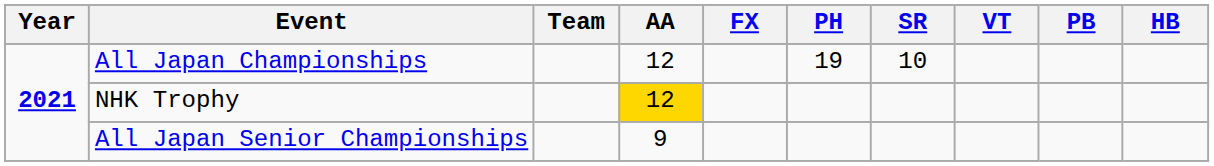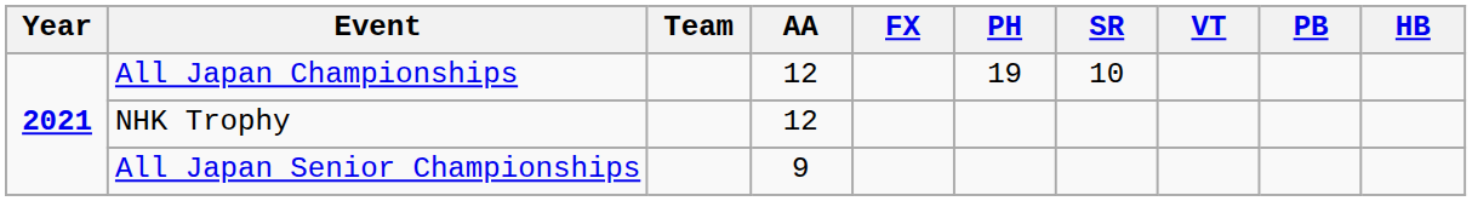 <table class="wikitable sortable" style="text-align:center; font-size:95%;">
 <tr>
 <th width=7% class=unsortable>Year</th>
 <th width=37% class=unsortable>Event</th>
 <th width=7% class=unsortable>Team</th>
 <th width=7% class=unsortable>AA</th>
 <th width=7% class=unsortable><a href='#'>FX</a></th>
 <th width=7% class=unsortable><a href='#'>PH</a></th>
 <th width=7% class=unsortable><a href='#'>SR</a></th>
 <th width=7% class=unsortable><a href='#'>VT</a></th>
 <th width=7% class=unsortable><a href='#'>PB</a></th>
 <th width=7% class=unsortable><a href='#'>HB</a></th>
 </tr>
 <tr>
 <td rowspan="3"><strong><a href='#'>2021</a></strong></td>
 <td align=left><a href='#'>All Japan Championships</a></td>
 <td></td>
 <td>12</td>
 <td></td>
 <td>19</td>
 <td>10</td>
 <td></td>
 <td></td>
 <td></td>
 </tr>
 <tr>
 <td align=left>NHK Trophy</td>
 <td></td>
-<td style="background: gold;">12</td>
+<td>12</td>
 <td></td>
 <td></td>
 <td></td>
 <td></td>
 <td></td>
 <td></td>
 </tr>
 <tr>
 <td align=left><a href='#'>All Japan Senior Championships</a></td>
 <td></td>
 <td>9</td>
 <td></td>
 <td></td>
 <td></td>
 <td></td>
 <td></td>
 <td></td>
 </tr>
 </table>
